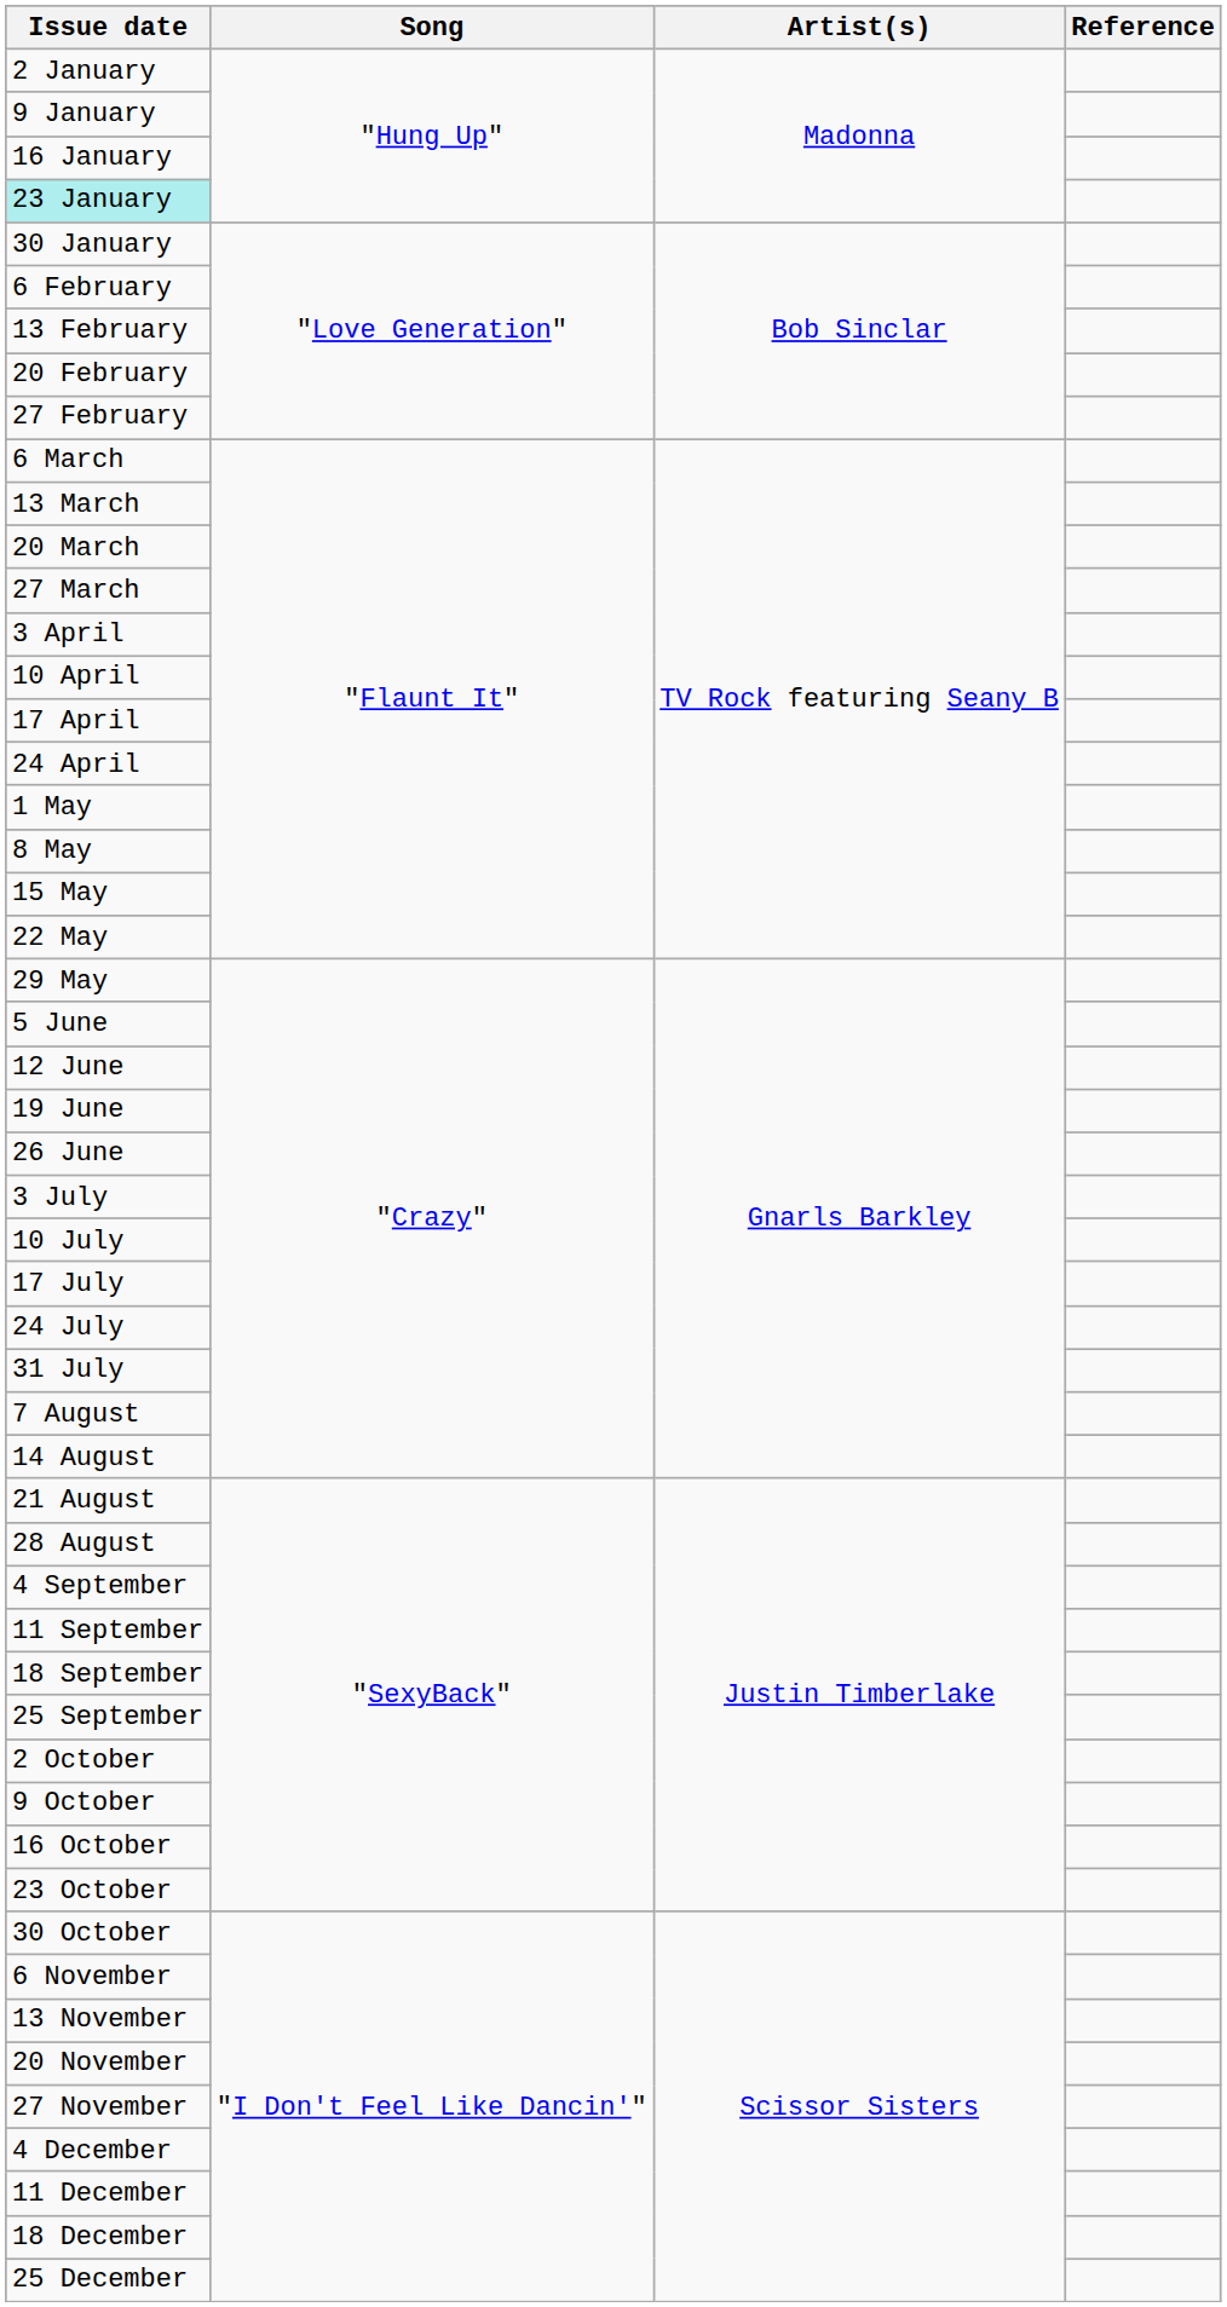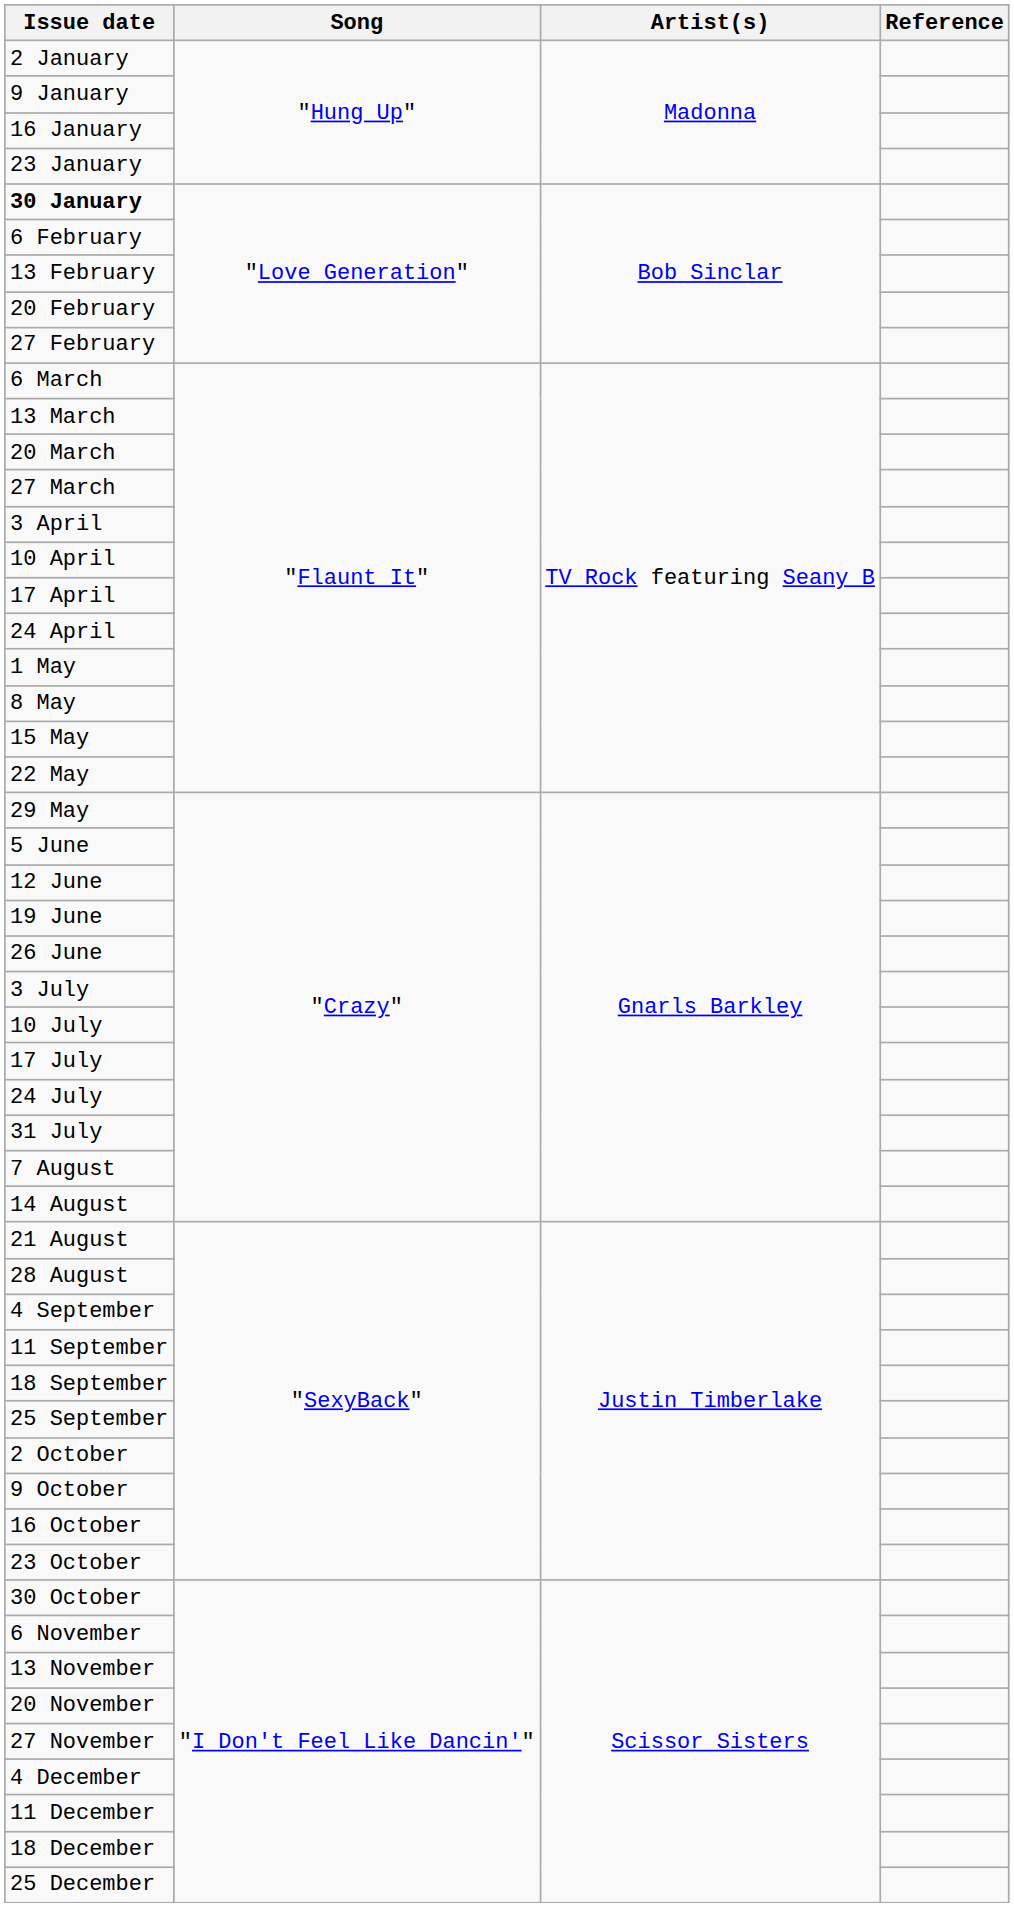 <table class="wikitable">
 <tr>
 <th>Issue date</th>
 <th>Song</th>
 <th>Artist(s)</th>
 <th>Reference</th>
 </tr>
 <tr>
 <td align="left">2 January</td>
 <td align="center" rowspan="4">"<a href='#'>Hung Up</a>"</td>
 <td align="center" rowspan="4"><a href='#'>Madonna</a></td>
 <td align="center"></td>
 </tr>
 <tr>
 <td align="left">9 January</td>
 <td align="center"></td>
 </tr>
 <tr>
 <td align="left">16 January</td>
 <td align="center"></td>
 </tr>
 <tr>
-<td align="left" style="background: paleturquoise;">23 January</td>
+<td align="left">23 January</td>
 <td align="center"></td>
 </tr>
 <tr>
-<td align="left">30 January</td>
+<td align="left"><strong>30 January</strong></td>
 <td align="center" rowspan="5">"<a href='#'>Love Generation</a>"</td>
 <td align="center" rowspan="5"><a href='#'>Bob Sinclar</a></td>
 <td align="center"></td>
 </tr>
 <tr>
 <td align="left">6 February</td>
 <td align="center"></td>
 </tr>
 <tr>
 <td align="left">13 February</td>
 <td align="center"></td>
 </tr>
 <tr>
 <td align="left">20 February</td>
 <td align="center"></td>
 </tr>
 <tr>
 <td align="left">27 February</td>
 <td align="center"></td>
 </tr>
 <tr>
 <td align="left">6 March</td>
 <td align="center" rowspan="12">"<a href='#'>Flaunt It</a>"</td>
 <td align="center" rowspan="12"><a href='#'>TV Rock</a> featuring <a href='#'>Seany B</a></td>
 <td align="center"></td>
 </tr>
 <tr>
 <td align="left">13 March</td>
 <td align="center"></td>
 </tr>
 <tr>
 <td align="left">20 March</td>
 <td align="center"></td>
 </tr>
 <tr>
 <td align="left">27 March</td>
 <td align="center"></td>
 </tr>
 <tr>
 <td align="left">3 April</td>
 <td align="center"></td>
 </tr>
 <tr>
 <td align="left">10 April</td>
 <td align="center"></td>
 </tr>
 <tr>
 <td align="left">17 April</td>
 <td align="center"></td>
 </tr>
 <tr>
 <td align="left">24 April</td>
 <td align="center"></td>
 </tr>
 <tr>
 <td align="left">1 May</td>
 <td align="center"></td>
 </tr>
 <tr>
 <td align="left">8 May</td>
 <td align="center"></td>
 </tr>
 <tr>
 <td align="left">15 May</td>
 <td align="center"></td>
 </tr>
 <tr>
 <td align="left">22 May</td>
 <td align="center"></td>
 </tr>
 <tr>
 <td align="left">29 May</td>
 <td align="center" rowspan="12">"<a href='#'>Crazy</a>"</td>
 <td align="center" rowspan="12"><a href='#'>Gnarls Barkley</a></td>
 <td align="center"></td>
 </tr>
 <tr>
 <td align="left">5 June</td>
 <td align="center"></td>
 </tr>
 <tr>
 <td align="left">12 June</td>
 <td align="center"></td>
 </tr>
 <tr>
 <td align="left">19 June</td>
 <td align="center"></td>
 </tr>
 <tr>
 <td align="left">26 June</td>
 <td align="center"></td>
 </tr>
 <tr>
 <td align="left">3 July</td>
 <td align="center"></td>
 </tr>
 <tr>
 <td align="left">10 July</td>
 <td align="center"></td>
 </tr>
 <tr>
 <td align="left">17 July</td>
 <td align="center"></td>
 </tr>
 <tr>
 <td align="left">24 July</td>
 <td align="center"></td>
 </tr>
 <tr>
 <td align="left">31 July</td>
 <td align="center"></td>
 </tr>
 <tr>
 <td align="left">7 August</td>
 <td align="center"></td>
 </tr>
 <tr>
 <td align="left">14 August</td>
 <td align="center"></td>
 </tr>
 <tr>
 <td align="left">21 August</td>
 <td align="center" rowspan="10">"<a href='#'>SexyBack</a>"</td>
 <td align="center" rowspan="10"><a href='#'>Justin Timberlake</a></td>
 <td align="center"></td>
 </tr>
 <tr>
 <td align="left">28 August</td>
 <td align="center"></td>
 </tr>
 <tr>
 <td align="left">4 September</td>
 <td align="center"></td>
 </tr>
 <tr>
 <td align="left">11 September</td>
 <td align="center"></td>
 </tr>
 <tr>
 <td align="left">18 September</td>
 <td align="center"></td>
 </tr>
 <tr>
 <td align="left">25 September</td>
 <td align="center"></td>
 </tr>
 <tr>
 <td align="left">2 October</td>
 <td align="center"></td>
 </tr>
 <tr>
 <td align="left">9 October</td>
 <td align="center"></td>
 </tr>
 <tr>
 <td align="left">16 October</td>
 <td align="center"></td>
 </tr>
 <tr>
 <td align="left">23 October</td>
 <td align="center"></td>
 </tr>
 <tr>
 <td align="left">30 October</td>
 <td align="center" rowspan="9">"<a href='#'>I Don't Feel Like Dancin'</a>"</td>
 <td align="center" rowspan="9"><a href='#'>Scissor Sisters</a></td>
 <td align="center"></td>
 </tr>
 <tr>
 <td align="left">6 November</td>
 <td align="center"></td>
 </tr>
 <tr>
 <td align="left">13 November</td>
 <td align="center"></td>
 </tr>
 <tr>
 <td align="left">20 November</td>
 <td align="center"></td>
 </tr>
 <tr>
 <td align="left">27 November</td>
 <td align="center"></td>
 </tr>
 <tr>
 <td align="left">4 December</td>
 <td align="center"></td>
 </tr>
 <tr>
 <td align="left">11 December</td>
 <td align="center"></td>
 </tr>
 <tr>
 <td align="left">18 December</td>
 <td align="center"></td>
 </tr>
 <tr>
 <td align="left">25 December</td>
 <td align="center"></td>
 </tr>
 </table>
